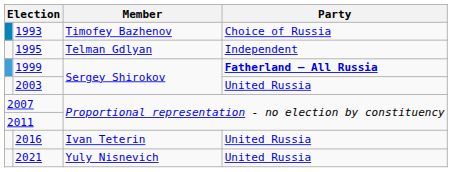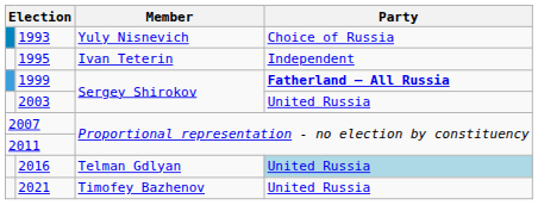 <table class="wikitable">
 <tr>
 <th colspan="2">Election</th>
 <th>Member</th>
 <th>Party</th>
 </tr>
 <tr>
 <td style="background-color:#0085BE"></td>
 <td><a href='#'>1993</a></td>
-<td><a href='#'>Timofey Bazhenov</a></td>
+<td><a href='#'>Yuly Nisnevich</a></td>
 <td><a href='#'>Choice of Russia</a></td>
 </tr>
 <tr>
 <td style="background-color:"></td>
 <td><a href='#'>1995</a></td>
-<td><a href='#'>Telman Gdlyan</a></td>
+<td><a href='#'>Ivan Teterin</a></td>
 <td><a href='#'>Independent</a></td>
 </tr>
 <tr>
 <td style="background-color:#3B9EDF"></td>
 <td><a href='#'>1999</a></td>
 <td rowspan=2><a href='#'>Sergey Shirokov</a></td>
 <td><strong><a href='#'>Fatherland – All Russia</a></strong></td>
 </tr>
 <tr>
 <td style="background-color:"></td>
 <td><a href='#'>2003</a></td>
 <td><a href='#'>United Russia</a></td>
 </tr>
 <tr>
 <td colspan=2><a href='#'>2007</a></td>
 <td colspan=2 rowspan=2><em><a href='#'>Proportional representation</a> - no election by constituency</em></td>
 </tr>
 <tr>
 <td colspan=2><a href='#'>2011</a></td>
 </tr>
 <tr>
 <td style="background-color:"></td>
 <td><a href='#'>2016</a></td>
-<td><a href='#'>Ivan Teterin</a></td>
-<td><a href='#'>United Russia</a></td>
+<td><a href='#'>Telman Gdlyan</a></td>
+<td style="background: lightblue;"><a href='#'>United Russia</a></td>
 </tr>
 <tr>
 <td style="background-color:"></td>
 <td><a href='#'>2021</a></td>
-<td><a href='#'>Yuly Nisnevich</a></td>
+<td><a href='#'>Timofey Bazhenov</a></td>
 <td><a href='#'>United Russia</a></td>
 </tr>
 </table>
